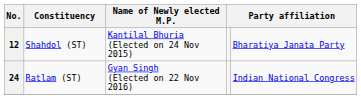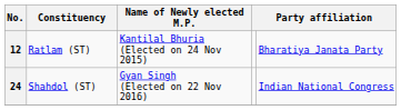 <table class="sortable wikitable">
 <tr>
 <th>No.</th>
 <th style="width:120px">Constituency</th>
 <th style="width:180px">Name of Newly elected M.P.</th>
 <th colspan="2">Party affiliation</th>
 </tr>
 <tr>
 <th>12</th>
-<td><a href='#'>Shahdol</a> (ST)</td>
+<td><a href='#'>Ratlam</a> (ST)</td>
 <td><a href='#'>Kantilal Bhuria</a><br>(Elected on 24 Nov 2015)</td>
 <td style="background:"></td>
 <td><a href='#'>Bharatiya Janata Party</a></td>
 </tr>
 <tr>
 <th>24</th>
-<td><a href='#'>Ratlam</a> (ST)</td>
+<td><a href='#'>Shahdol</a> (ST)</td>
 <td><a href='#'>Gyan Singh</a><br>(Elected on 22 Nov 2016)</td>
 <td style="background:"></td>
 <td><a href='#'>Indian National Congress</a></td>
 </tr>
 <tr>
 </tr>
 </table>
